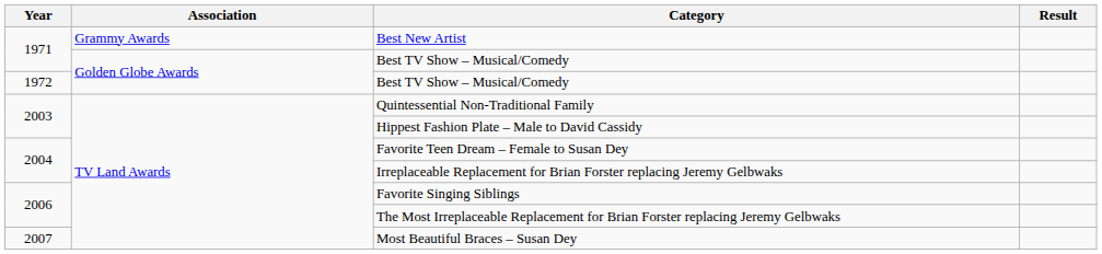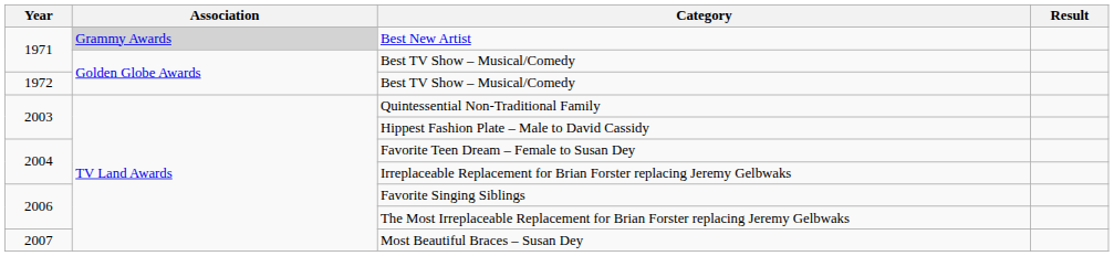 <table class="wikitable sortable">
 <tr>
 <th style="width:01%;">Year</th>
 <th style="width:07%;">Association</th>
 <th style="width:15%;">Category</th>
 <th style="width:01%;">Result</th>
 </tr>
 <tr>
 <td rowspan="2;" style="text-align:center;">1971</td>
-<td><a href='#'>Grammy Awards</a></td>
+<td style="background: lightgrey;"><a href='#'>Grammy Awards</a></td>
 <td><a href='#'>Best New Artist</a></td>
 <td></td>
 </tr>
 <tr>
 <td rowspan=2><a href='#'>Golden Globe Awards</a></td>
 <td>Best TV Show – Musical/Comedy</td>
 <td></td>
 </tr>
 <tr>
 <td style="text-align:center;">1972</td>
 <td>Best TV Show – Musical/Comedy</td>
 <td></td>
 </tr>
 <tr>
 <td rowspan="2;" style="text-align:center;">2003</td>
 <td rowspan=7><a href='#'>TV Land Awards</a></td>
 <td>Quintessential Non-Traditional Family</td>
 <td></td>
 </tr>
 <tr>
 <td>Hippest Fashion Plate – Male to David Cassidy</td>
 <td></td>
 </tr>
 <tr>
 <td rowspan="2;" style="text-align:center;">2004</td>
 <td>Favorite Teen Dream – Female to Susan Dey</td>
 <td></td>
 </tr>
 <tr>
 <td>Irreplaceable Replacement for Brian Forster replacing Jeremy Gelbwaks</td>
 <td></td>
 </tr>
 <tr>
 <td rowspan="2;" style="text-align:center;">2006</td>
 <td>Favorite Singing Siblings</td>
 <td></td>
 </tr>
 <tr>
 <td>The Most Irreplaceable Replacement for Brian Forster replacing Jeremy Gelbwaks</td>
 <td></td>
 </tr>
 <tr>
 <td style="text-align:center;">2007</td>
 <td>Most Beautiful Braces – Susan Dey</td>
 <td></td>
 </tr>
 </table>
